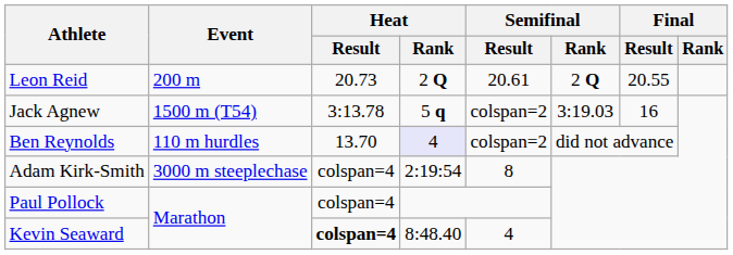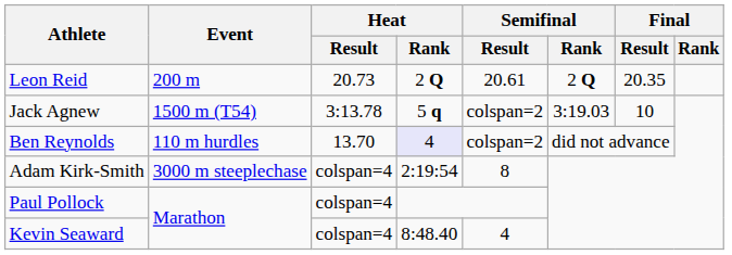 <table class="wikitable" style="font-size:90%">
 <tr>
 <th rowspan=2>Athlete</th>
 <th rowspan=2>Event</th>
 <th colspan=2>Heat</th>
 <th colspan=2>Semifinal</th>
 <th colspan=2>Final</th>
 </tr>
 <tr style="font-size:95%">
 <th>Result</th>
 <th>Rank</th>
 <th>Result</th>
 <th>Rank</th>
 <th>Result</th>
 <th>Rank</th>
 </tr>
 <tr align=center>
 <td align=left><a href='#'>Leon Reid</a></td>
 <td align=left><a href='#'>200 m</a></td>
 <td>20.73</td>
 <td>2 <strong>Q</strong></td>
 <td>20.61</td>
 <td>2 <strong>Q</strong></td>
-<td>20.55</td>
+<td>20.35</td>
 <td></td>
 </tr>
 <tr align=center>
 <td align=left>Jack Agnew</td>
 <td align=left><a href='#'>1500 m (T54)</a></td>
 <td>3:13.78</td>
 <td>5 <strong>q</strong></td>
 <td>colspan=2 </td>
 <td>3:19.03</td>
-<td>16</td>
+<td>10</td>
 </tr>
 <tr align=center>
 <td align=left><a href='#'>Ben Reynolds</a></td>
 <td align=left><a href='#'>110 m hurdles</a></td>
 <td>13.70</td>
 <td style="background: lavender;">4</td>
 <td>colspan=2 </td>
 <td colspan=2>did not advance</td>
 </tr>
 <tr align=center>
 <td align=left>Adam Kirk-Smith</td>
 <td align=left><a href='#'>3000 m steeplechase</a></td>
 <td>colspan=4 </td>
 <td>2:19:54</td>
 <td>8</td>
 </tr>
 <tr align=center>
 <td align=left><a href='#'>Paul Pollock</a></td>
 <td align=left rowspan=2><a href='#'>Marathon</a></td>
 <td>colspan=4 </td>
 <td colspan=2></td>
 </tr>
 <tr align=center>
 <td align=left><a href='#'>Kevin Seaward</a></td>
-<td><strong>colspan=4 </strong></td>
+<td>colspan=4 </td>
 <td>8:48.40</td>
 <td>4</td>
 </tr>
 </table>
